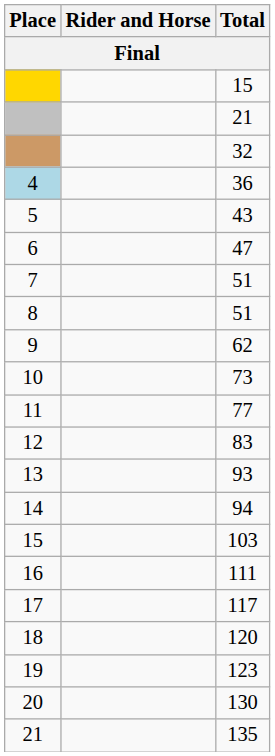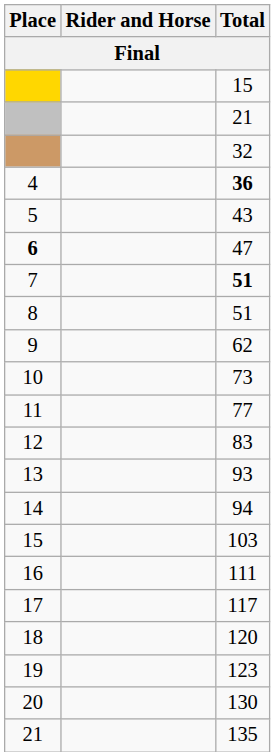 <table class=wikitable style="text-align:center">
 <tr>
 <th>Place</th>
 <th>Rider and Horse</th>
 <th>Total</th>
 </tr>
 <tr>
 <th colspan=3><strong>Final</strong></th>
 </tr>
 <tr>
 <td bgcolor=gold></td>
 <td align=left></td>
 <td>15</td>
 </tr>
 <tr>
 <td bgcolor=silver></td>
 <td align=left></td>
 <td>21</td>
 </tr>
 <tr>
 <td bgcolor=cc9966></td>
 <td align=left></td>
 <td>32</td>
 </tr>
 <tr>
-<td style="background: lightblue;">4</td>
+<td>4</td>
 <td align=left></td>
-<td>36</td>
+<td><strong>36</strong></td>
 </tr>
 <tr>
 <td>5</td>
 <td align=left></td>
 <td>43</td>
 </tr>
 <tr>
-<td>6</td>
+<td><strong>6</strong></td>
 <td align=left></td>
 <td>47</td>
 </tr>
 <tr>
 <td>7</td>
 <td align=left></td>
-<td>51</td>
+<td><strong>51</strong></td>
 </tr>
 <tr>
 <td>8</td>
 <td align=left></td>
 <td>51</td>
 </tr>
 <tr>
 <td>9</td>
 <td align=left></td>
 <td>62</td>
 </tr>
 <tr>
 <td>10</td>
 <td align=left></td>
 <td>73</td>
 </tr>
 <tr>
 <td>11</td>
 <td align=left></td>
 <td>77</td>
 </tr>
 <tr>
 <td>12</td>
 <td align=left></td>
 <td>83</td>
 </tr>
 <tr>
 <td>13</td>
 <td align=left></td>
 <td>93</td>
 </tr>
 <tr>
 <td>14</td>
 <td align=left></td>
 <td>94</td>
 </tr>
 <tr>
 <td>15</td>
 <td align=left></td>
 <td>103</td>
 </tr>
 <tr>
 <td>16</td>
 <td align=left></td>
 <td>111</td>
 </tr>
 <tr>
 <td>17</td>
 <td align=left></td>
 <td>117</td>
 </tr>
 <tr>
 <td>18</td>
 <td align=left></td>
 <td>120</td>
 </tr>
 <tr>
 <td>19</td>
 <td align=left></td>
 <td>123</td>
 </tr>
 <tr>
 <td>20</td>
 <td align=left></td>
 <td>130</td>
 </tr>
 <tr>
 <td>21</td>
 <td align=left></td>
 <td>135</td>
 </tr>
 </table>
